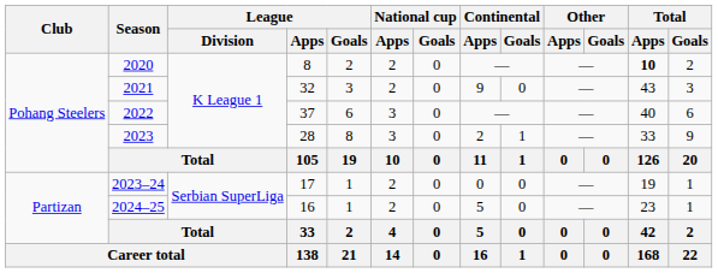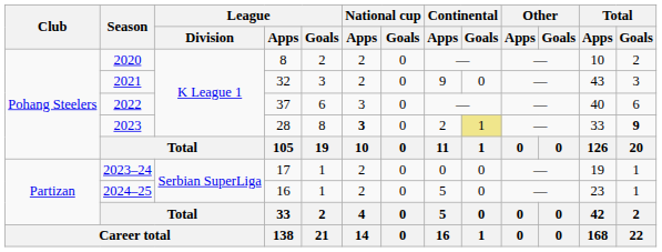 <table class="wikitable" style="text-align: center">
 <tr>
 <th rowspan="2">Club</th>
 <th rowspan="2">Season</th>
 <th colspan="3">League</th>
 <th colspan="2">National cup</th>
 <th colspan="2">Continental</th>
 <th colspan="2">Other</th>
 <th colspan="2">Total</th>
 </tr>
 <tr>
 <th>Division</th>
 <th>Apps</th>
 <th>Goals</th>
 <th>Apps</th>
 <th>Goals</th>
 <th>Apps</th>
 <th>Goals</th>
 <th>Apps</th>
 <th>Goals</th>
 <th>Apps</th>
 <th>Goals</th>
 </tr>
 <tr>
 <td rowspan="5"><a href='#'>Pohang Steelers</a></td>
 <td><a href='#'>2020</a></td>
 <td rowspan="4"><a href='#'>K League 1</a></td>
 <td>8</td>
 <td>2</td>
 <td>2</td>
 <td>0</td>
 <td colspan="2">—</td>
 <td colspan="2">—</td>
-<td><strong>10</strong></td>
+<td>10</td>
 <td>2</td>
 </tr>
 <tr>
 <td><a href='#'>2021</a></td>
 <td>32</td>
 <td>3</td>
 <td>2</td>
 <td>0</td>
 <td>9</td>
 <td>0</td>
 <td colspan="2">—</td>
 <td>43</td>
 <td>3</td>
 </tr>
 <tr>
 <td><a href='#'>2022</a></td>
 <td>37</td>
 <td>6</td>
 <td>3</td>
 <td>0</td>
 <td colspan="2">—</td>
 <td colspan="2">—</td>
 <td>40</td>
 <td>6</td>
 </tr>
 <tr>
 <td><a href='#'>2023</a></td>
 <td>28</td>
 <td>8</td>
-<td>3</td>
+<td><strong>3</strong></td>
 <td>0</td>
 <td>2</td>
-<td>1</td>
+<td style="background: khaki;">1</td>
 <td colspan="2">—</td>
 <td>33</td>
-<td>9</td>
+<td><strong>9</strong></td>
 </tr>
 <tr>
 <th colspan="2">Total</th>
 <th>105</th>
 <th>19</th>
 <th>10</th>
 <th>0</th>
 <th>11</th>
 <th>1</th>
 <th>0</th>
 <th>0</th>
 <th>126</th>
 <th>20</th>
 </tr>
 <tr>
 <td rowspan="3"><a href='#'>Partizan</a></td>
 <td><a href='#'>2023–24</a></td>
 <td rowspan="2"><a href='#'>Serbian SuperLiga</a></td>
 <td>17</td>
 <td>1</td>
 <td>2</td>
 <td>0</td>
 <td>0</td>
 <td>0</td>
 <td colspan="2">—</td>
 <td>19</td>
 <td>1</td>
 </tr>
 <tr>
 <td><a href='#'>2024–25</a></td>
 <td>16</td>
 <td>1</td>
 <td>2</td>
 <td>0</td>
 <td>5</td>
 <td>0</td>
 <td colspan="2">—</td>
 <td>23</td>
 <td>1</td>
 </tr>
 <tr>
 <th colspan="2">Total</th>
 <th>33</th>
 <th>2</th>
 <th>4</th>
 <th>0</th>
 <th>5</th>
 <th>0</th>
 <th>0</th>
 <th>0</th>
 <th>42</th>
 <th>2</th>
 </tr>
 <tr>
 <th colspan="3">Career total</th>
 <th>138</th>
 <th>21</th>
 <th>14</th>
 <th>0</th>
 <th>16</th>
 <th>1</th>
 <th>0</th>
 <th>0</th>
 <th>168</th>
 <th>22</th>
 </tr>
 </table>
